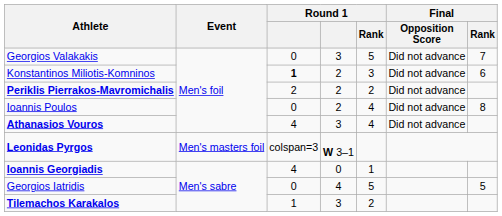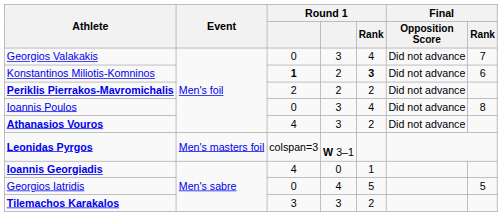 <table class="wikitable" style="font-size:90%">
 <tr>
 <th rowspan=2>Athlete</th>
 <th rowspan=2>Event</th>
 <th colspan=3>Round 1</th>
 <th colspan=2>Final</th>
 </tr>
 <tr style="font-size:95%">
 <th></th>
 <th></th>
 <th>Rank</th>
 <th>Opposition <br> Score</th>
 <th>Rank</th>
 </tr>
 <tr align=center>
 <td align=left><a href='#'>Georgios Valakakis</a></td>
 <td align=left rowspan=5><a href='#'>Men's foil</a></td>
 <td>0</td>
 <td>3</td>
-<td>5</td>
+<td>4</td>
 <td>Did not advance</td>
 <td>7</td>
 </tr>
 <tr align=center>
 <td align=left><a href='#'>Konstantinos Miliotis-Komninos</a></td>
 <td><strong>1</strong></td>
 <td>2</td>
-<td>3</td>
+<td><strong>3</strong></td>
 <td>Did not advance</td>
 <td>6</td>
 </tr>
 <tr align=center>
 <td align=left><strong><a href='#'>Periklis Pierrakos-Mavromichalis</a></strong></td>
 <td>2</td>
 <td>2</td>
 <td>2</td>
 <td>Did not advance</td>
 <td></td>
 </tr>
 <tr align=center>
 <td align=left><a href='#'>Ioannis Poulos</a></td>
 <td>0</td>
-<td>2</td>
+<td>3</td>
 <td>4</td>
 <td>Did not advance</td>
 <td>8</td>
 </tr>
 <tr align=center>
 <td align=left><strong><a href='#'>Athanasios Vouros</a></strong></td>
 <td>4</td>
 <td>3</td>
-<td>4</td>
+<td>2</td>
 <td>Did not advance</td>
 <td></td>
 </tr>
 <tr align=center>
 <td align=left><strong><a href='#'>Leonidas Pyrgos</a></strong></td>
 <td align=left><a href='#'>Men's masters foil</a></td>
 <td>colspan=3 </td>
 <td><br><strong>W</strong> 3–1</td>
 <td></td>
 </tr>
 <tr align=center>
 <td align=left><strong><a href='#'>Ioannis Georgiadis</a></strong></td>
 <td align=left rowspan=3><a href='#'>Men's sabre</a></td>
 <td>4</td>
 <td>0</td>
 <td>1</td>
 <td></td>
 <td></td>
 </tr>
 <tr align=center>
 <td align=left><a href='#'>Georgios Iatridis</a></td>
 <td>0</td>
 <td>4</td>
 <td>5</td>
 <td></td>
 <td>5</td>
 </tr>
 <tr align=center>
 <td align=left><strong><a href='#'>Tilemachos Karakalos</a></strong></td>
-<td>1</td>
+<td>3</td>
 <td>3</td>
 <td>2</td>
 <td></td>
 <td></td>
 </tr>
 </table>
